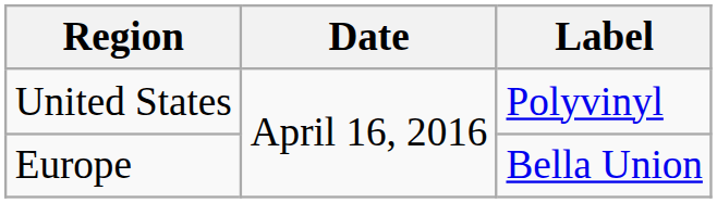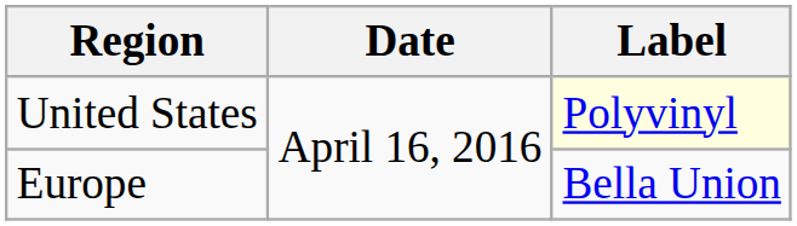 <table class="wikitable plainrowheaders">
 <tr>
 <th scope="col">Region</th>
 <th scope="col">Date</th>
 <th scope="col">Label</th>
 </tr>
 <tr>
 <td>United States</td>
 <td rowspan="2">April 16, 2016</td>
-<td><a href='#'>Polyvinyl</a></td>
+<td style="background: lightyellow;"><a href='#'>Polyvinyl</a></td>
 </tr>
 <tr>
 <td>Europe</td>
 <td><a href='#'>Bella Union</a></td>
 </tr>
 </table>
